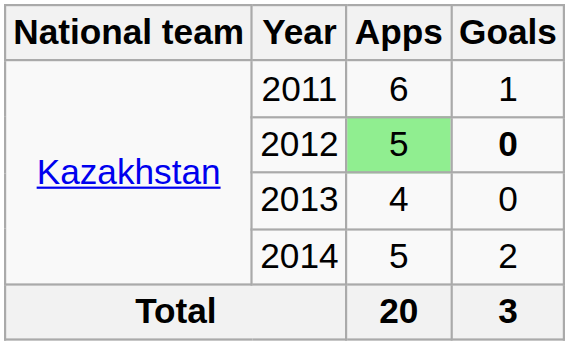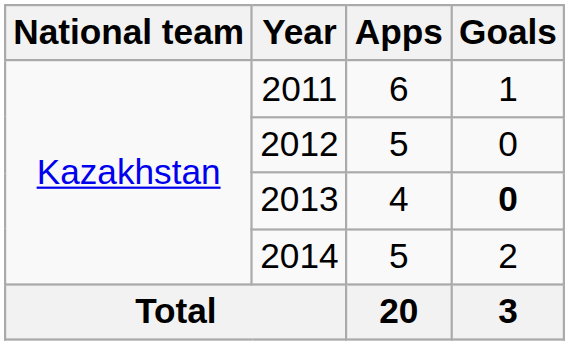 <table class="wikitable" style="text-align: center;">
 <tr>
 <th>National team</th>
 <th>Year</th>
 <th>Apps</th>
 <th>Goals</th>
 </tr>
 <tr>
 <td rowspan="4"><a href='#'>Kazakhstan</a></td>
 <td>2011</td>
 <td>6</td>
 <td>1</td>
 </tr>
 <tr>
 <td>2012</td>
-<td style="background: lightgreen;">5</td>
-<td><strong>0</strong></td>
+<td>5</td>
+<td>0</td>
 </tr>
 <tr>
 <td>2013</td>
 <td>4</td>
-<td>0</td>
+<td><strong>0</strong></td>
 </tr>
 <tr>
 <td>2014</td>
 <td>5</td>
 <td>2</td>
 </tr>
 <tr>
 <th colspan="2">Total</th>
 <th>20</th>
 <th>3</th>
 </tr>
 </table>
